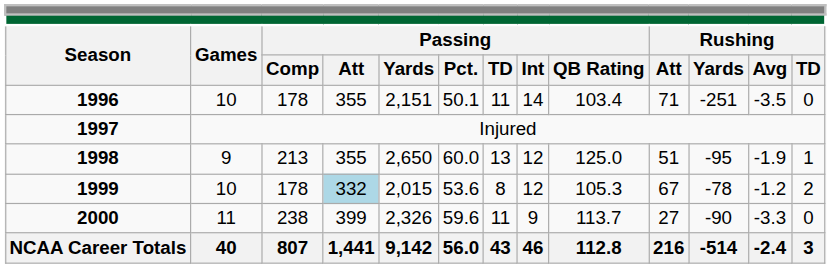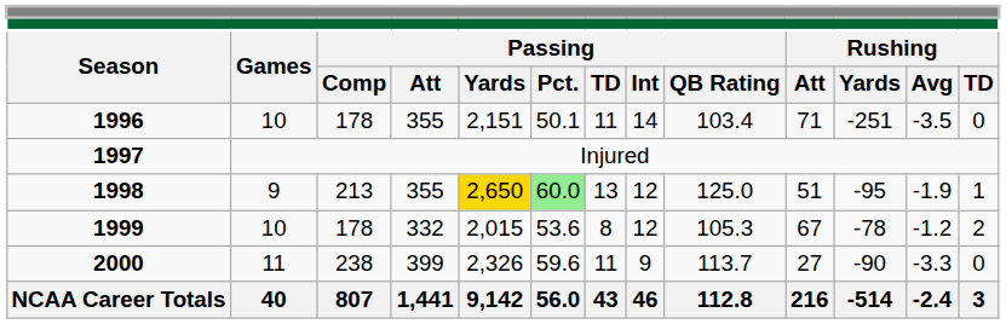 <table class=wikitable style="text-align:center;">
 <tr>
 <td ! colspan="15" style="background:gray; border:2px solid silver; color:white;"></td>
 </tr>
 <tr>
 <td ! colspan="15" style="background: #006633; border: 2px solid white; color:white;"></td>
 </tr>
 <tr>
 <th rowspan=2>Season</th>
 <th rowspan=2>Games</th>
 <th colspan=7>Passing</th>
 <th colspan=4>Rushing</th>
 </tr>
 <tr>
 <th>Comp</th>
 <th>Att</th>
 <th>Yards</th>
 <th>Pct.</th>
 <th>TD</th>
 <th>Int</th>
 <th>QB Rating</th>
 <th>Att</th>
 <th>Yards</th>
 <th>Avg</th>
 <th>TD</th>
 </tr>
 <tr>
 <td><strong>1996</strong></td>
 <td>10</td>
 <td>178</td>
 <td>355</td>
 <td>2,151</td>
 <td>50.1</td>
 <td>11</td>
 <td>14</td>
 <td>103.4</td>
 <td>71</td>
 <td>-251</td>
 <td>-3.5</td>
 <td>0</td>
 </tr>
 <tr>
 <td><strong>1997</strong></td>
 <td colspan=14 style="text-align:center;">Injured</td>
 </tr>
 <tr>
 <td><strong>1998</strong></td>
 <td>9</td>
 <td>213</td>
 <td>355</td>
-<td>2,650</td>
-<td>60.0</td>
+<td style="background: gold;">2,650</td>
+<td style="background: lightgreen;">60.0</td>
 <td>13</td>
 <td>12</td>
 <td>125.0</td>
 <td>51</td>
 <td>-95</td>
 <td>-1.9</td>
 <td>1</td>
 </tr>
 <tr>
 <td><strong>1999</strong></td>
 <td>10</td>
 <td>178</td>
-<td style="background: lightblue;">332</td>
+<td>332</td>
 <td>2,015</td>
 <td>53.6</td>
 <td>8</td>
 <td>12</td>
 <td>105.3</td>
 <td>67</td>
 <td>-78</td>
 <td>-1.2</td>
 <td>2</td>
 </tr>
 <tr>
 <td><strong>2000</strong></td>
 <td>11</td>
 <td>238</td>
 <td>399</td>
 <td>2,326</td>
 <td>59.6</td>
 <td>11</td>
 <td>9</td>
 <td>113.7</td>
 <td>27</td>
 <td>-90</td>
 <td>-3.3</td>
 <td>0</td>
 </tr>
 <tr>
 <th>NCAA Career Totals</th>
 <th>40</th>
 <th>807</th>
 <th>1,441</th>
 <th>9,142</th>
 <th>56.0</th>
 <th>43</th>
 <th>46</th>
 <th>112.8</th>
 <th>216</th>
 <th>-514</th>
 <th>-2.4</th>
 <th>3</th>
 </tr>
 </table>
